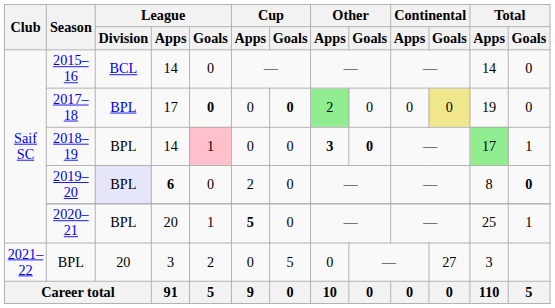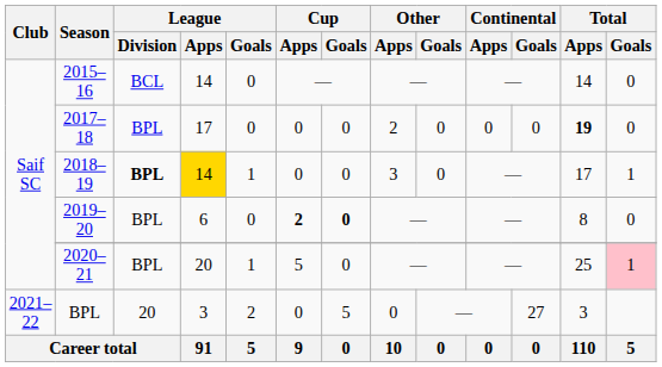 <table class="wikitable" style="text-align: center">
 <tr>
 <th rowspan="2">Club</th>
 <th rowspan="2">Season</th>
 <th colspan="3">League</th>
 <th colspan="2">Cup</th>
 <th colspan="2">Other</th>
 <th colspan="2">Continental</th>
 <th colspan="2">Total</th>
 </tr>
 <tr>
 <th>Division</th>
 <th>Apps</th>
 <th>Goals</th>
 <th>Apps</th>
 <th>Goals</th>
 <th>Apps</th>
 <th>Goals</th>
 <th>Apps</th>
 <th>Goals</th>
 <th>Apps</th>
 <th>Goals</th>
 </tr>
 <tr>
 <td rowspan="6"><a href='#'>Saif SC</a></td>
 <td><a href='#'>2015–16</a></td>
 <td><a href='#'>BCL</a></td>
 <td>14</td>
 <td>0</td>
 <td colspan="2">—</td>
 <td colspan="2">—</td>
 <td colspan="2">—</td>
 <td>14</td>
 <td>0</td>
 </tr>
 <tr>
 <td><a href='#'>2017–18</a></td>
 <td><a href='#'>BPL</a></td>
 <td>17</td>
-<td><strong>0</strong></td>
-<td>0</td>
-<td><strong>0</strong></td>
-<td style="background: lightgreen;">2</td>
 <td>0</td>
 <td>0</td>
-<td style="background: khaki;">0</td>
-<td>19</td>
+<td>0</td>
+<td>2</td>
+<td>0</td>
+<td>0</td>
+<td>0</td>
+<td><strong>19</strong></td>
 <td>0</td>
 </tr>
 <tr>
 <td><a href='#'>2018–19</a></td>
-<td>BPL</td>
-<td>14</td>
-<td style="background: pink;">1</td>
+<td><strong>BPL</strong></td>
+<td style="background: gold;">14</td>
+<td>1</td>
 <td>0</td>
 <td>0</td>
-<td><strong>3</strong></td>
-<td><strong>0</strong></td>
+<td>3</td>
+<td>0</td>
 <td colspan="2">—</td>
-<td style="background: lightgreen;">17</td>
+<td>17</td>
 <td>1</td>
 </tr>
 <tr>
 <td><a href='#'>2019–20</a></td>
-<td style="background: lavender;">BPL</td>
-<td><strong>6</strong></td>
+<td>BPL</td>
+<td>6</td>
 <td>0</td>
-<td>2</td>
-<td>0</td>
+<td><strong>2</strong></td>
+<td><strong>0</strong></td>
 <td colspan="2">—</td>
 <td colspan="2">—</td>
 <td>8</td>
-<td><strong>0</strong></td>
+<td>0</td>
 </tr>
 <tr>
 </tr>
 <tr>
 <td><a href='#'>2020–21</a></td>
 <td>BPL</td>
 <td>20</td>
 <td>1</td>
-<td><strong>5</strong></td>
+<td>5</td>
 <td>0</td>
 <td colspan="2">—</td>
 <td colspan="2">—</td>
 <td>25</td>
-<td>1</td>
+<td style="background: pink;">1</td>
 </tr>
 <tr>
 <td><a href='#'>2021–22</a></td>
 <td>BPL</td>
 <td>20</td>
 <td>3</td>
 <td>2</td>
 <td>0</td>
 <td>5</td>
 <td>0</td>
 <td colspan="2">—</td>
 <td>27</td>
 <td>3</td>
 </tr>
 <tr>
 <th colspan="3"><strong>Career total</strong></th>
 <th>91</th>
 <th>5</th>
 <th>9</th>
 <th>0</th>
 <th>10</th>
 <th>0</th>
 <th>0</th>
 <th>0</th>
 <th>110</th>
 <th>5</th>
 </tr>
 </table>
